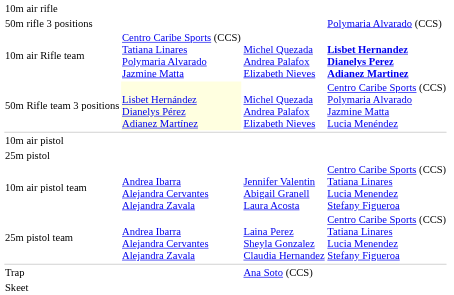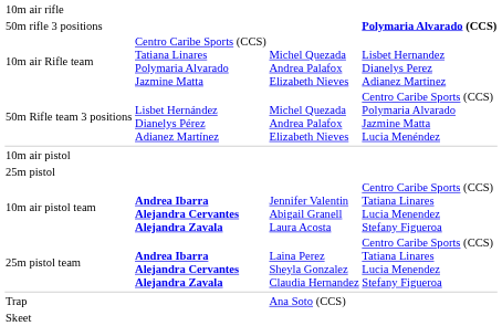 <table>
 <tr>
 <td>10m air rifle</td>
 <td></td>
 <td></td>
 <td></td>
 </tr>
 <tr>
 <td>50m rifle 3 positions</td>
 <td></td>
 <td></td>
-<td><a href='#'>Polymaria Alvarado</a> (CCS)</td>
+<td><strong><a href='#'>Polymaria Alvarado</a> (CCS)</strong></td>
 </tr>
 <tr>
 <td>10m air Rifle team</td>
 <td><a href='#'>Centro Caribe Sports</a> (CCS)<br><a href='#'>Tatiana Linares</a><br><a href='#'>Polymaria Alvarado</a><br><a href='#'>Jazmine Matta</a></td>
 <td><br><a href='#'>Michel Quezada</a><br><a href='#'>Andrea Palafox</a><br><a href='#'>Elizabeth Nieves</a></td>
-<td><strong><br><a href='#'>Lisbet Hernandez</a><br><a href='#'>Dianelys Perez</a><br><a href='#'>Adianez Martinez</a></strong></td>
+<td><br><a href='#'>Lisbet Hernandez</a><br><a href='#'>Dianelys Perez</a><br><a href='#'>Adianez Martinez</a></td>
 </tr>
 <tr>
 <td>50m Rifle team 3 positions</td>
-<td style="background: lightyellow;"><br><a href='#'>Lisbet Hernández</a><br><a href='#'>Dianelys Pérez</a><br><a href='#'>Adianez Martínez</a></td>
+<td><br><a href='#'>Lisbet Hernández</a><br><a href='#'>Dianelys Pérez</a><br><a href='#'>Adianez Martínez</a></td>
 <td><br><a href='#'>Michel Quezada</a><br><a href='#'>Andrea Palafox</a><br><a href='#'>Elizabeth Nieves</a></td>
 <td><a href='#'>Centro Caribe Sports</a> (CCS)<br><a href='#'>Polymaria Alvarado</a><br><a href='#'>Jazmine Matta</a><br><a href='#'>Lucia Menéndez</a></td>
 </tr>
 <tr bgcolor=#DDDDDD>
 <td colspan=7></td>
 </tr>
 <tr>
 <td>10m air pistol</td>
 <td></td>
 <td></td>
 <td></td>
 </tr>
 <tr>
 <td>25m pistol</td>
 <td></td>
 <td></td>
 <td></td>
 </tr>
 <tr>
 <td>10m air pistol team</td>
-<td><br><a href='#'>Andrea Ibarra</a><br><a href='#'>Alejandra Cervantes</a><br><a href='#'>Alejandra Zavala</a></td>
+<td><strong><br><a href='#'>Andrea Ibarra</a><br><a href='#'>Alejandra Cervantes</a><br><a href='#'>Alejandra Zavala</a></strong></td>
 <td><br><a href='#'>Jennifer Valentin</a><br><a href='#'>Abigail Granell</a><br><a href='#'>Laura Acosta</a></td>
 <td><a href='#'>Centro Caribe Sports</a> (CCS)<br><a href='#'>Tatiana Linares</a><br><a href='#'>Lucia Menendez</a><br><a href='#'>Stefany Figueroa</a></td>
 </tr>
 <tr>
 <td>25m pistol team</td>
-<td><br><a href='#'>Andrea Ibarra</a><br><a href='#'>Alejandra Cervantes</a><br><a href='#'>Alejandra Zavala</a></td>
+<td><strong><br><a href='#'>Andrea Ibarra</a><br><a href='#'>Alejandra Cervantes</a><br><a href='#'>Alejandra Zavala</a></strong></td>
 <td><br><a href='#'>Laina Perez</a><br><a href='#'>Sheyla Gonzalez</a><br><a href='#'>Claudia Hernandez</a></td>
 <td><a href='#'>Centro Caribe Sports</a> (CCS)<br><a href='#'>Tatiana Linares</a><br><a href='#'>Lucia Menendez</a><br><a href='#'>Stefany Figueroa</a></td>
 </tr>
 <tr bgcolor=#DDDDDD>
 <td colspan=7></td>
 </tr>
 <tr>
 <td>Trap</td>
 <td></td>
 <td><a href='#'>Ana Soto</a> (CCS)</td>
 <td></td>
 </tr>
 <tr>
 <td>Skeet</td>
 <td></td>
 <td></td>
 <td></td>
 </tr>
 </table>
